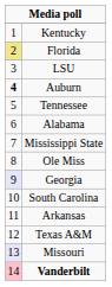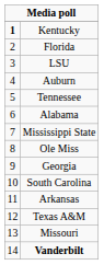 <table class="wikitable">
 <tr align="center">
 <td align="center" Colspan="3"><strong>Media poll</strong></td>
 </tr>
 <tr align="center">
 </tr>
 <tr align="center">
-<td>1</td>
+<td><strong>1</strong></td>
 <td>Kentucky</td>
 </tr>
 <tr align="center">
-<td style="background: khaki;">2</td>
+<td>2</td>
 <td>Florida</td>
 </tr>
 <tr align="center">
 <td>3</td>
 <td>LSU</td>
 </tr>
 <tr align="center">
-<td><strong>4</strong></td>
+<td>4</td>
 <td>Auburn</td>
 </tr>
 <tr align="center">
 <td>5</td>
 <td>Tennessee</td>
 </tr>
 <tr align="center">
 <td>6</td>
 <td>Alabama</td>
 </tr>
 <tr align="center">
 <td>7</td>
 <td>Mississippi State</td>
 </tr>
 <tr align="center">
 <td>8</td>
 <td>Ole Miss</td>
 </tr>
 <tr align="center">
-<td style="background: lavender;">9</td>
+<td>9</td>
 <td>Georgia</td>
 </tr>
 <tr align="center">
 <td>10</td>
 <td>South Carolina</td>
 </tr>
 <tr align="center">
 <td>11</td>
 <td>Arkansas</td>
 </tr>
 <tr align="center">
 <td>12</td>
 <td>Texas A&M</td>
 </tr>
 <tr align="center">
-<td style="background: lavender;">13</td>
+<td>13</td>
 <td>Missouri</td>
 </tr>
 <tr align="center">
-<td style="background: pink;">14</td>
+<td>14</td>
 <td><strong>Vanderbilt</strong></td>
 </tr>
 </table>
